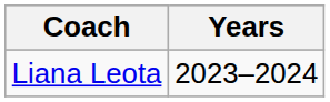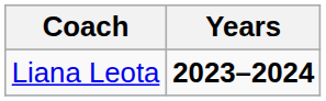 <table class="wikitable collapsible">
 <tr>
 <th>Coach</th>
 <th>Years</th>
 </tr>
 <tr>
 <td> <a href='#'>Liana Leota</a></td>
-<td>2023–2024</td>
+<td><strong>2023–2024</strong></td>
 </tr>
 </table>
